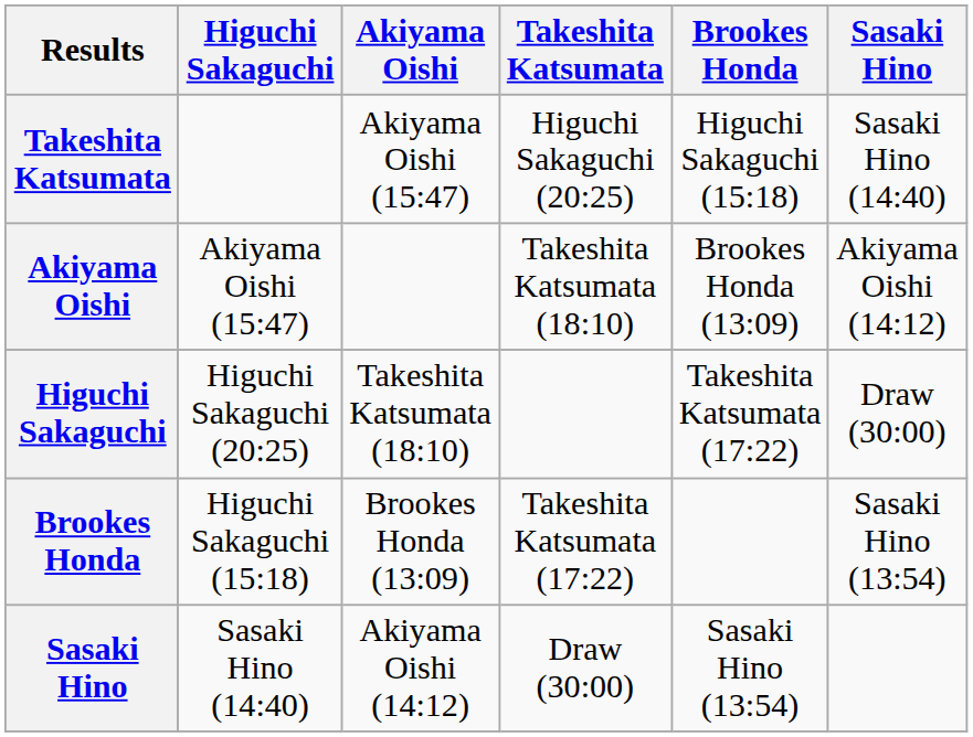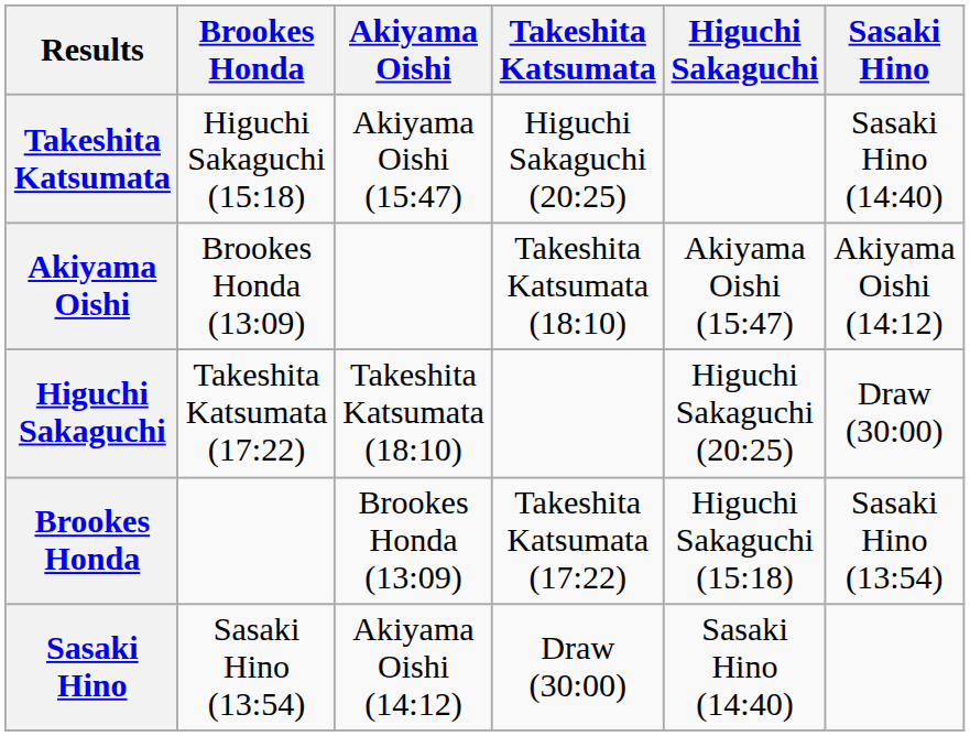 <table class="wikitable" style="text-align:center; margin: 1em auto 1em auto">
 <tr align="center">
 <th>Results</th>
-<th><a href='#'>Higuchi</a><br><a href='#'>Sakaguchi</a></th>
+<th><a href='#'>Brookes</a><br><a href='#'>Honda</a></th>
 <th><a href='#'>Akiyama</a><br><a href='#'>Oishi</a></th>
 <th><a href='#'>Takeshita</a><br><a href='#'>Katsumata</a></th>
-<th><a href='#'>Brookes</a><br><a href='#'>Honda</a></th>
+<th><a href='#'>Higuchi</a><br><a href='#'>Sakaguchi</a></th>
 <th><a href='#'>Sasaki</a><br><a href='#'>Hino</a></th>
 </tr>
 <tr align="center">
 <th><a href='#'>Takeshita</a><br><a href='#'>Katsumata</a></th>
-<td></td>
+<td>Higuchi<br>Sakaguchi<br>(15:18)</td>
 <td>Akiyama<br>Oishi<br>(15:47)</td>
 <td>Higuchi<br>Sakaguchi<br>(20:25)</td>
-<td>Higuchi<br>Sakaguchi<br>(15:18)</td>
+<td></td>
 <td>Sasaki<br>Hino<br>(14:40)</td>
 </tr>
 <tr align="center">
 <th><a href='#'>Akiyama</a><br><a href='#'>Oishi</a></th>
-<td>Akiyama<br>Oishi<br>(15:47)</td>
+<td>Brookes<br>Honda<br>(13:09)</td>
 <td></td>
 <td>Takeshita<br>Katsumata<br>(18:10)</td>
-<td>Brookes<br>Honda<br>(13:09)</td>
+<td>Akiyama<br>Oishi<br>(15:47)</td>
 <td>Akiyama<br>Oishi<br>(14:12)</td>
 </tr>
 <tr align="center">
 <th><a href='#'>Higuchi</a><br><a href='#'>Sakaguchi</a></th>
-<td>Higuchi<br>Sakaguchi<br>(20:25)</td>
+<td>Takeshita<br>Katsumata<br>(17:22)</td>
 <td>Takeshita<br>Katsumata<br>(18:10)</td>
 <td></td>
-<td>Takeshita<br>Katsumata<br>(17:22)</td>
+<td>Higuchi<br>Sakaguchi<br>(20:25)</td>
 <td>Draw<br>(30:00)</td>
 </tr>
 <tr align="center">
 <th><a href='#'>Brookes</a><br><a href='#'>Honda</a></th>
-<td>Higuchi<br>Sakaguchi<br>(15:18)</td>
+<td></td>
 <td>Brookes<br>Honda<br>(13:09)</td>
 <td>Takeshita<br>Katsumata<br>(17:22)</td>
-<td></td>
+<td>Higuchi<br>Sakaguchi<br>(15:18)</td>
 <td>Sasaki<br>Hino<br>(13:54)</td>
 </tr>
 <tr align="center">
 <th><a href='#'>Sasaki</a><br><a href='#'>Hino</a></th>
-<td>Sasaki<br>Hino<br>(14:40)</td>
+<td>Sasaki<br>Hino<br>(13:54)</td>
 <td>Akiyama<br>Oishi<br>(14:12)</td>
 <td>Draw<br>(30:00)</td>
-<td>Sasaki<br>Hino<br>(13:54)</td>
+<td>Sasaki<br>Hino<br>(14:40)</td>
 <td></td>
 </tr>
 </table>
